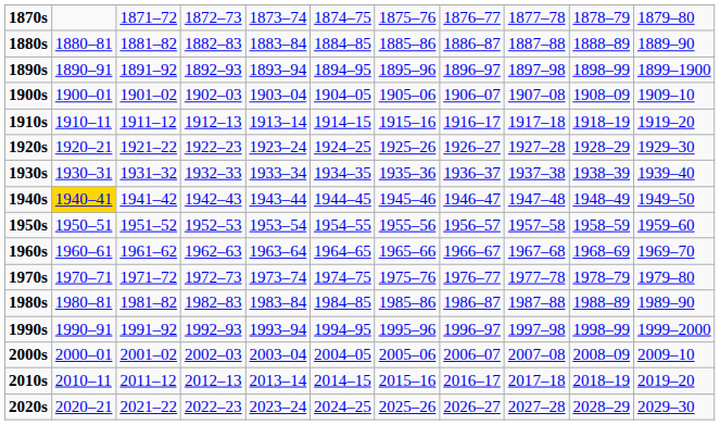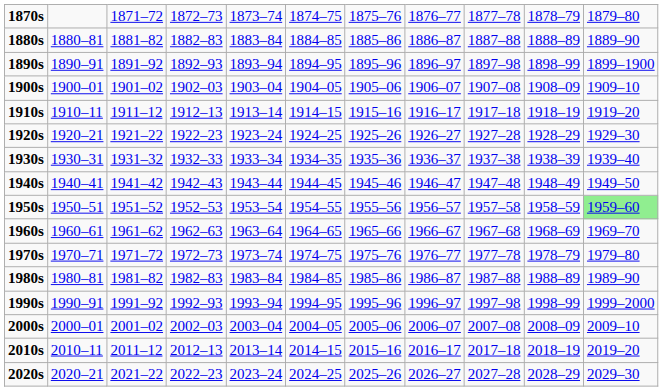 <table class="wikitable">
 <tr>
 <td><strong>1870s</strong></td>
 <td></td>
 <td><a href='#'>1871–72</a></td>
 <td><a href='#'>1872–73</a></td>
 <td><a href='#'>1873–74</a></td>
 <td><a href='#'>1874–75</a></td>
 <td><a href='#'>1875–76</a></td>
 <td><a href='#'>1876–77</a></td>
 <td><a href='#'>1877–78</a></td>
 <td><a href='#'>1878–79</a></td>
 <td><a href='#'>1879–80</a></td>
 </tr>
 <tr>
 <td><strong>1880s</strong></td>
 <td><a href='#'>1880–81</a></td>
 <td><a href='#'>1881–82</a></td>
 <td><a href='#'>1882–83</a></td>
 <td><a href='#'>1883–84</a></td>
 <td><a href='#'>1884–85</a></td>
 <td><a href='#'>1885–86</a></td>
 <td><a href='#'>1886–87</a></td>
 <td><a href='#'>1887–88</a></td>
 <td><a href='#'>1888–89</a></td>
 <td><a href='#'>1889–90</a></td>
 </tr>
 <tr>
 <td><strong>1890s</strong></td>
 <td><a href='#'>1890–91</a></td>
 <td><a href='#'>1891–92</a></td>
 <td><a href='#'>1892–93</a></td>
 <td><a href='#'>1893–94</a></td>
 <td><a href='#'>1894–95</a></td>
 <td><a href='#'>1895–96</a></td>
 <td><a href='#'>1896–97</a></td>
 <td><a href='#'>1897–98</a></td>
 <td><a href='#'>1898–99</a></td>
 <td><a href='#'>1899–1900</a></td>
 </tr>
 <tr>
 <td><strong>1900s</strong></td>
 <td><a href='#'>1900–01</a></td>
 <td><a href='#'>1901–02</a></td>
 <td><a href='#'>1902–03</a></td>
 <td><a href='#'>1903–04</a></td>
 <td><a href='#'>1904–05</a></td>
 <td><a href='#'>1905–06</a></td>
 <td><a href='#'>1906–07</a></td>
 <td><a href='#'>1907–08</a></td>
 <td><a href='#'>1908–09</a></td>
 <td><a href='#'>1909–10</a></td>
 </tr>
 <tr>
 <td><strong>1910s</strong></td>
 <td><a href='#'>1910–11</a></td>
 <td><a href='#'>1911–12</a></td>
 <td><a href='#'>1912–13</a></td>
 <td><a href='#'>1913–14</a></td>
 <td><a href='#'>1914–15</a></td>
 <td><a href='#'>1915–16</a></td>
 <td><a href='#'>1916–17</a></td>
 <td><a href='#'>1917–18</a></td>
 <td><a href='#'>1918–19</a></td>
 <td><a href='#'>1919–20</a></td>
 </tr>
 <tr>
 <td><strong>1920s</strong></td>
 <td><a href='#'>1920–21</a></td>
 <td><a href='#'>1921–22</a></td>
 <td><a href='#'>1922–23</a></td>
 <td><a href='#'>1923–24</a></td>
 <td><a href='#'>1924–25</a></td>
 <td><a href='#'>1925–26</a></td>
 <td><a href='#'>1926–27</a></td>
 <td><a href='#'>1927–28</a></td>
 <td><a href='#'>1928–29</a></td>
 <td><a href='#'>1929–30</a></td>
 </tr>
 <tr>
 <td><strong>1930s</strong></td>
 <td><a href='#'>1930–31</a></td>
 <td><a href='#'>1931–32</a></td>
 <td><a href='#'>1932–33</a></td>
 <td><a href='#'>1933–34</a></td>
 <td><a href='#'>1934–35</a></td>
 <td><a href='#'>1935–36</a></td>
 <td><a href='#'>1936–37</a></td>
 <td><a href='#'>1937–38</a></td>
 <td><a href='#'>1938–39</a></td>
 <td><a href='#'>1939–40</a></td>
 </tr>
 <tr>
 <td><strong>1940s</strong></td>
-<td style="background: gold;"><a href='#'>1940–41</a></td>
+<td><a href='#'>1940–41</a></td>
 <td><a href='#'>1941–42</a></td>
 <td><a href='#'>1942–43</a></td>
 <td><a href='#'>1943–44</a></td>
 <td><a href='#'>1944–45</a></td>
 <td><a href='#'>1945–46</a></td>
 <td><a href='#'>1946–47</a></td>
 <td><a href='#'>1947–48</a></td>
 <td><a href='#'>1948–49</a></td>
 <td><a href='#'>1949–50</a></td>
 </tr>
 <tr>
 <td><strong>1950s</strong></td>
 <td><a href='#'>1950–51</a></td>
 <td><a href='#'>1951–52</a></td>
 <td><a href='#'>1952–53</a></td>
 <td><a href='#'>1953–54</a></td>
 <td><a href='#'>1954–55</a></td>
 <td><a href='#'>1955–56</a></td>
 <td><a href='#'>1956–57</a></td>
 <td><a href='#'>1957–58</a></td>
 <td><a href='#'>1958–59</a></td>
-<td><a href='#'>1959–60</a></td>
+<td style="background: lightgreen;"><a href='#'>1959–60</a></td>
 </tr>
 <tr>
 <td><strong>1960s</strong></td>
 <td><a href='#'>1960–61</a></td>
 <td><a href='#'>1961–62</a></td>
 <td><a href='#'>1962–63</a></td>
 <td><a href='#'>1963–64</a></td>
 <td><a href='#'>1964–65</a></td>
 <td><a href='#'>1965–66</a></td>
 <td><a href='#'>1966–67</a></td>
 <td><a href='#'>1967–68</a></td>
 <td><a href='#'>1968–69</a></td>
 <td><a href='#'>1969–70</a></td>
 </tr>
 <tr>
 <td><strong>1970s</strong></td>
 <td><a href='#'>1970–71</a></td>
 <td><a href='#'>1971–72</a></td>
 <td><a href='#'>1972–73</a></td>
 <td><a href='#'>1973–74</a></td>
 <td><a href='#'>1974–75</a></td>
 <td><a href='#'>1975–76</a></td>
 <td><a href='#'>1976–77</a></td>
 <td><a href='#'>1977–78</a></td>
 <td><a href='#'>1978–79</a></td>
 <td><a href='#'>1979–80</a></td>
 </tr>
 <tr>
 <td><strong>1980s</strong></td>
 <td><a href='#'>1980–81</a></td>
 <td><a href='#'>1981–82</a></td>
 <td><a href='#'>1982–83</a></td>
 <td><a href='#'>1983–84</a></td>
 <td><a href='#'>1984–85</a></td>
 <td><a href='#'>1985–86</a></td>
 <td><a href='#'>1986–87</a></td>
 <td><a href='#'>1987–88</a></td>
 <td><a href='#'>1988–89</a></td>
 <td><a href='#'>1989–90</a></td>
 </tr>
 <tr>
 <td><strong>1990s</strong></td>
 <td><a href='#'>1990–91</a></td>
 <td><a href='#'>1991–92</a></td>
 <td><a href='#'>1992–93</a></td>
 <td><a href='#'>1993–94</a></td>
 <td><a href='#'>1994–95</a></td>
 <td><a href='#'>1995–96</a></td>
 <td><a href='#'>1996–97</a></td>
 <td><a href='#'>1997–98</a></td>
 <td><a href='#'>1998–99</a></td>
 <td><a href='#'>1999–2000</a></td>
 </tr>
 <tr>
 <td><strong>2000s</strong></td>
 <td><a href='#'>2000–01</a></td>
 <td><a href='#'>2001–02</a></td>
 <td><a href='#'>2002–03</a></td>
 <td><a href='#'>2003–04</a></td>
 <td><a href='#'>2004–05</a></td>
 <td><a href='#'>2005–06</a></td>
 <td><a href='#'>2006–07</a></td>
 <td><a href='#'>2007–08</a></td>
 <td><a href='#'>2008–09</a></td>
 <td><a href='#'>2009–10</a></td>
 </tr>
 <tr>
 <td><strong>2010s</strong></td>
 <td><a href='#'>2010–11</a></td>
 <td><a href='#'>2011–12</a></td>
 <td><a href='#'>2012–13</a></td>
 <td><a href='#'>2013–14</a></td>
 <td><a href='#'>2014–15</a></td>
 <td><a href='#'>2015–16</a></td>
 <td><a href='#'>2016–17</a></td>
 <td><a href='#'>2017–18</a></td>
 <td><a href='#'>2018–19</a></td>
 <td><a href='#'>2019–20</a></td>
 </tr>
 <tr>
 <td><strong>2020s</strong></td>
 <td><a href='#'>2020–21</a></td>
 <td><a href='#'>2021–22</a></td>
 <td><a href='#'>2022–23</a></td>
 <td><a href='#'>2023–24</a></td>
 <td><a href='#'>2024–25</a></td>
 <td><a href='#'>2025–26</a></td>
 <td><a href='#'>2026–27</a></td>
 <td><a href='#'>2027–28</a></td>
 <td><a href='#'>2028–29</a></td>
 <td><a href='#'>2029–30</a></td>
 </tr>
 </table>
